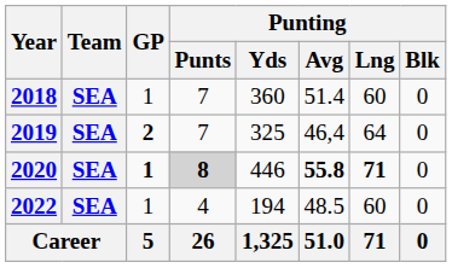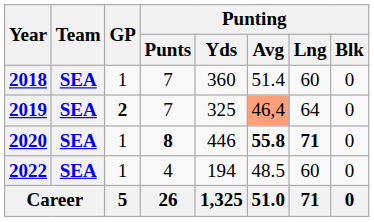 <table class="wikitable" style="text-align:center;">
 <tr>
 <th rowspan="2">Year</th>
 <th rowspan="2">Team</th>
 <th rowspan="2">GP</th>
 <th colspan="5">Punting</th>
 </tr>
 <tr>
 <th>Punts</th>
 <th>Yds</th>
 <th>Avg</th>
 <th>Lng</th>
 <th>Blk</th>
 </tr>
 <tr>
 <th><a href='#'>2018</a></th>
 <th><a href='#'>SEA</a></th>
 <td>1</td>
 <td>7</td>
 <td>360</td>
 <td>51.4</td>
 <td>60</td>
 <td>0</td>
 </tr>
 <tr>
 <th><a href='#'>2019</a></th>
 <th><a href='#'>SEA</a></th>
 <td><strong>2</strong></td>
 <td>7</td>
 <td>325</td>
-<td>46,4</td>
+<td style="background: lightsalmon;">46,4</td>
 <td>64</td>
 <td>0</td>
 </tr>
 <tr>
 <th><a href='#'>2020</a></th>
 <th><a href='#'>SEA</a></th>
-<td><strong>1</strong></td>
-<td style="background: lightgrey;"><strong>8</strong></td>
+<td>1</td>
+<td><strong>8</strong></td>
 <td>446</td>
 <td><strong>55.8</strong></td>
 <td><strong>71</strong></td>
 <td>0</td>
 </tr>
 <tr>
 <th><a href='#'>2022</a></th>
 <th><a href='#'>SEA</a></th>
 <td>1</td>
 <td>4</td>
 <td>194</td>
 <td>48.5</td>
 <td>60</td>
 <td>0</td>
 </tr>
 <tr>
 <th colspan="2">Career</th>
 <th>5</th>
 <th>26</th>
 <th>1,325</th>
 <th>51.0</th>
 <th>71</th>
 <th>0</th>
 </tr>
 </table>
